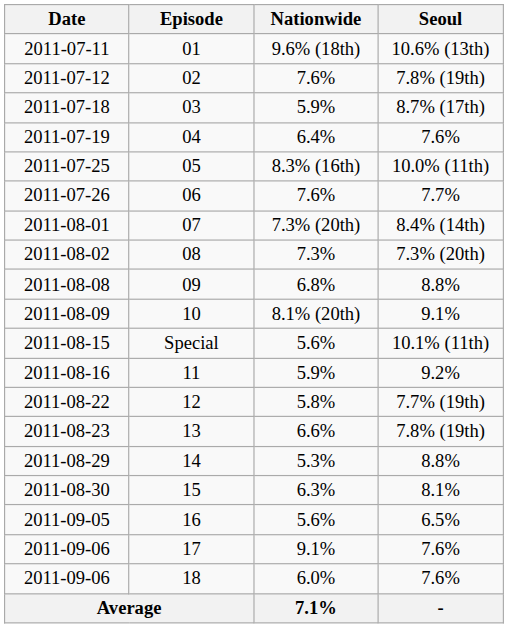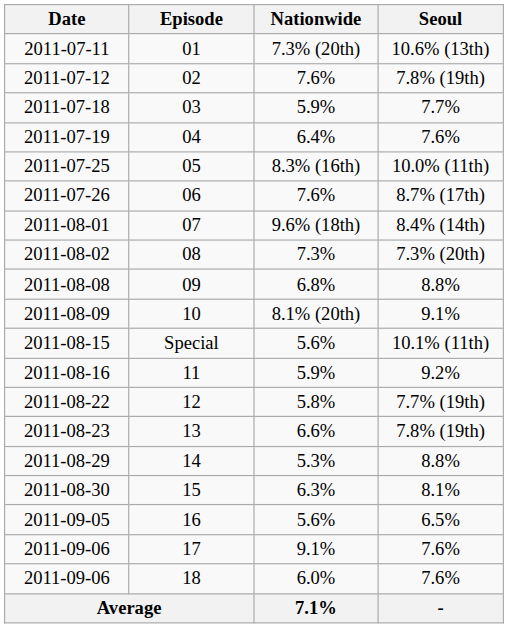 <table class="wikitable">
 <tr>
 <th width=100>Date</th>
 <th width=100>Episode</th>
 <th width=100>Nationwide</th>
 <th width=100>Seoul</th>
 </tr>
 <tr align=center>
 <td>2011-07-11</td>
 <td>01</td>
-<td>9.6% (18th)</td>
+<td>7.3% (20th)</td>
 <td>10.6% (13th)</td>
 </tr>
 <tr align=center>
 <td>2011-07-12</td>
 <td>02</td>
 <td>7.6%</td>
 <td>7.8% (19th)</td>
 </tr>
 <tr align=center>
 <td>2011-07-18</td>
 <td>03</td>
 <td>5.9%</td>
-<td>8.7% (17th)</td>
+<td>7.7%</td>
 </tr>
 <tr align=center>
 <td>2011-07-19</td>
 <td>04</td>
 <td>6.4%</td>
 <td>7.6%</td>
 </tr>
 <tr align=center>
 <td>2011-07-25</td>
 <td>05</td>
 <td>8.3% (16th)</td>
 <td>10.0% (11th)</td>
 </tr>
 <tr align=center>
 <td>2011-07-26</td>
 <td>06</td>
 <td>7.6%</td>
-<td>7.7%</td>
+<td>8.7% (17th)</td>
 </tr>
 <tr align=center>
 <td>2011-08-01</td>
 <td>07</td>
-<td>7.3% (20th)</td>
+<td>9.6% (18th)</td>
 <td>8.4% (14th)</td>
 </tr>
 <tr align=center>
 <td>2011-08-02</td>
 <td>08</td>
 <td>7.3%</td>
 <td>7.3% (20th)</td>
 </tr>
 <tr align=center>
 <td>2011-08-08</td>
 <td>09</td>
 <td>6.8%</td>
 <td>8.8%</td>
 </tr>
 <tr align=center>
 <td>2011-08-09</td>
 <td>10</td>
 <td>8.1% (20th)</td>
 <td>9.1%</td>
 </tr>
 <tr align=center>
 <td>2011-08-15</td>
 <td>Special</td>
 <td>5.6%</td>
 <td>10.1% (11th)</td>
 </tr>
 <tr align=center>
 <td>2011-08-16</td>
 <td>11</td>
 <td>5.9%</td>
 <td>9.2%</td>
 </tr>
 <tr align=center>
 <td>2011-08-22</td>
 <td>12</td>
 <td>5.8%</td>
 <td>7.7% (19th)</td>
 </tr>
 <tr align=center>
 <td>2011-08-23</td>
 <td>13</td>
 <td>6.6%</td>
 <td>7.8% (19th)</td>
 </tr>
 <tr align=center>
 <td>2011-08-29</td>
 <td>14</td>
 <td>5.3%</td>
 <td>8.8%</td>
 </tr>
 <tr align=center>
 <td>2011-08-30</td>
 <td>15</td>
 <td>6.3%</td>
 <td>8.1%</td>
 </tr>
 <tr align=center>
 <td>2011-09-05</td>
 <td>16</td>
 <td>5.6%</td>
 <td>6.5%</td>
 </tr>
 <tr align=center>
 <td>2011-09-06</td>
 <td>17</td>
 <td>9.1%</td>
 <td>7.6%</td>
 </tr>
 <tr align=center>
 <td>2011-09-06</td>
 <td>18</td>
 <td>6.0%</td>
 <td>7.6%</td>
 </tr>
 <tr align="center">
 <th colspan=2>Average</th>
 <th>7.1%</th>
 <th>-</th>
 </tr>
 </table>
